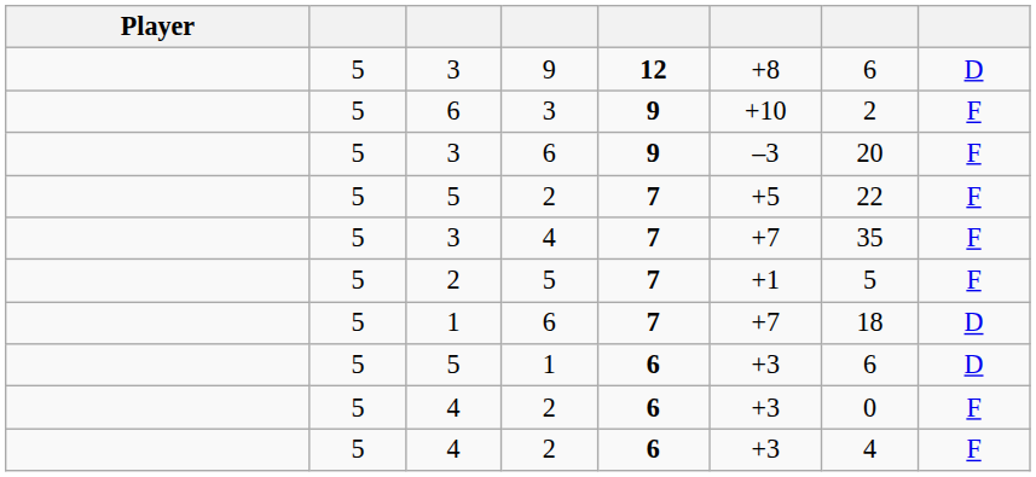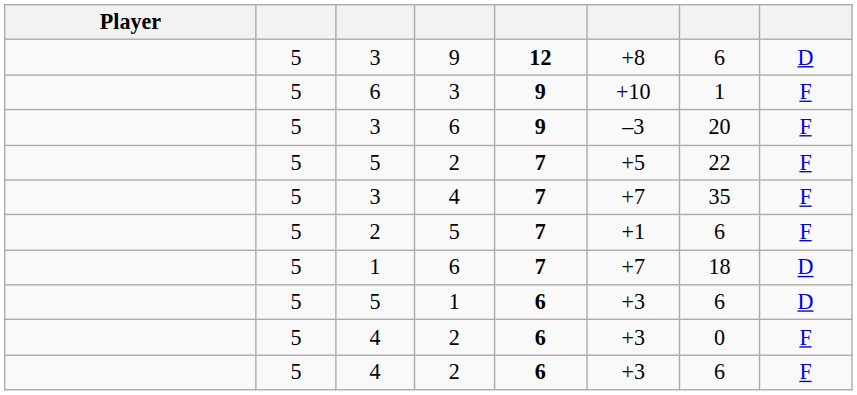 <table class="wikitable sortable" style="text-align:center;">
 <tr>
 <th width="175px">Player</th>
 <th width="50px"></th>
 <th width="50px"></th>
 <th width="50px"></th>
 <th width="60px"></th>
 <th width="60px"></th>
 <th width="50px"></th>
 <th width="60px"></th>
 </tr>
 <tr>
 <td align="left"> </td>
 <td>5</td>
 <td>3</td>
 <td>9</td>
 <td><strong>12</strong></td>
 <td>+8</td>
 <td>6</td>
 <td><a href='#'>D</a></td>
 </tr>
 <tr>
 <td align="left"> </td>
 <td>5</td>
 <td>6</td>
 <td>3</td>
 <td><strong>9</strong></td>
 <td>+10</td>
-<td>2</td>
+<td>1</td>
 <td><a href='#'>F</a></td>
 </tr>
 <tr>
 <td align="left"> </td>
 <td>5</td>
 <td>3</td>
 <td>6</td>
 <td><strong>9</strong></td>
 <td>–3</td>
 <td>20</td>
 <td><a href='#'>F</a></td>
 </tr>
 <tr>
 <td align="left"> </td>
 <td>5</td>
 <td>5</td>
 <td>2</td>
 <td><strong>7</strong></td>
 <td>+5</td>
 <td>22</td>
 <td><a href='#'>F</a></td>
 </tr>
 <tr>
 <td align="left"> </td>
 <td>5</td>
 <td>3</td>
 <td>4</td>
 <td><strong>7</strong></td>
 <td>+7</td>
 <td>35</td>
 <td><a href='#'>F</a></td>
 </tr>
 <tr>
 <td align="left"> </td>
 <td>5</td>
 <td>2</td>
 <td>5</td>
 <td><strong>7</strong></td>
 <td>+1</td>
-<td>5</td>
+<td>6</td>
 <td><a href='#'>F</a></td>
 </tr>
 <tr>
 <td align="left"> </td>
 <td>5</td>
 <td>1</td>
 <td>6</td>
 <td><strong>7</strong></td>
 <td>+7</td>
 <td>18</td>
 <td><a href='#'>D</a></td>
 </tr>
 <tr>
 <td align="left"> </td>
 <td>5</td>
 <td>5</td>
 <td>1</td>
 <td><strong>6</strong></td>
 <td>+3</td>
 <td>6</td>
 <td><a href='#'>D</a></td>
 </tr>
 <tr>
 <td align="left"> </td>
 <td>5</td>
 <td>4</td>
 <td>2</td>
 <td><strong>6</strong></td>
 <td>+3</td>
 <td>0</td>
 <td><a href='#'>F</a></td>
 </tr>
 <tr>
 <td align="left"> </td>
 <td>5</td>
 <td>4</td>
 <td>2</td>
 <td><strong>6</strong></td>
 <td>+3</td>
-<td>4</td>
+<td>6</td>
 <td><a href='#'>F</a></td>
 </tr>
 </table>
